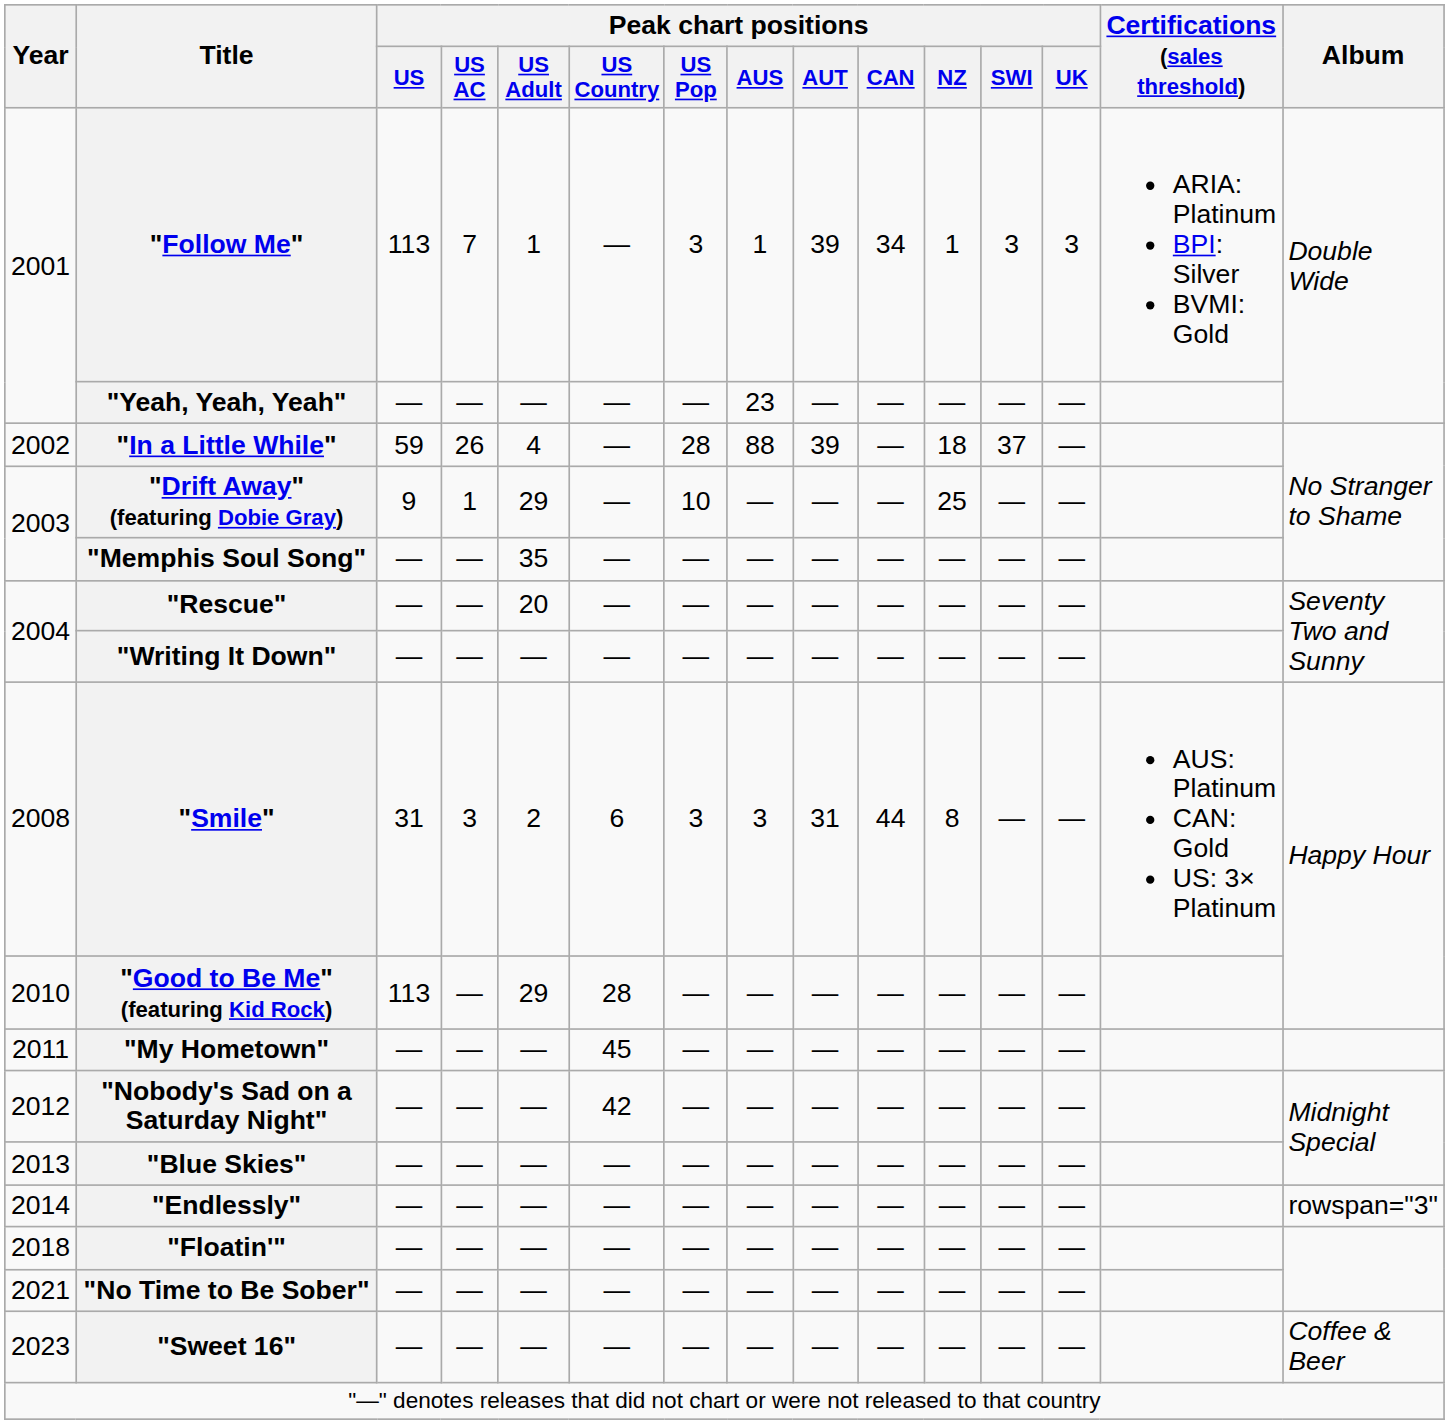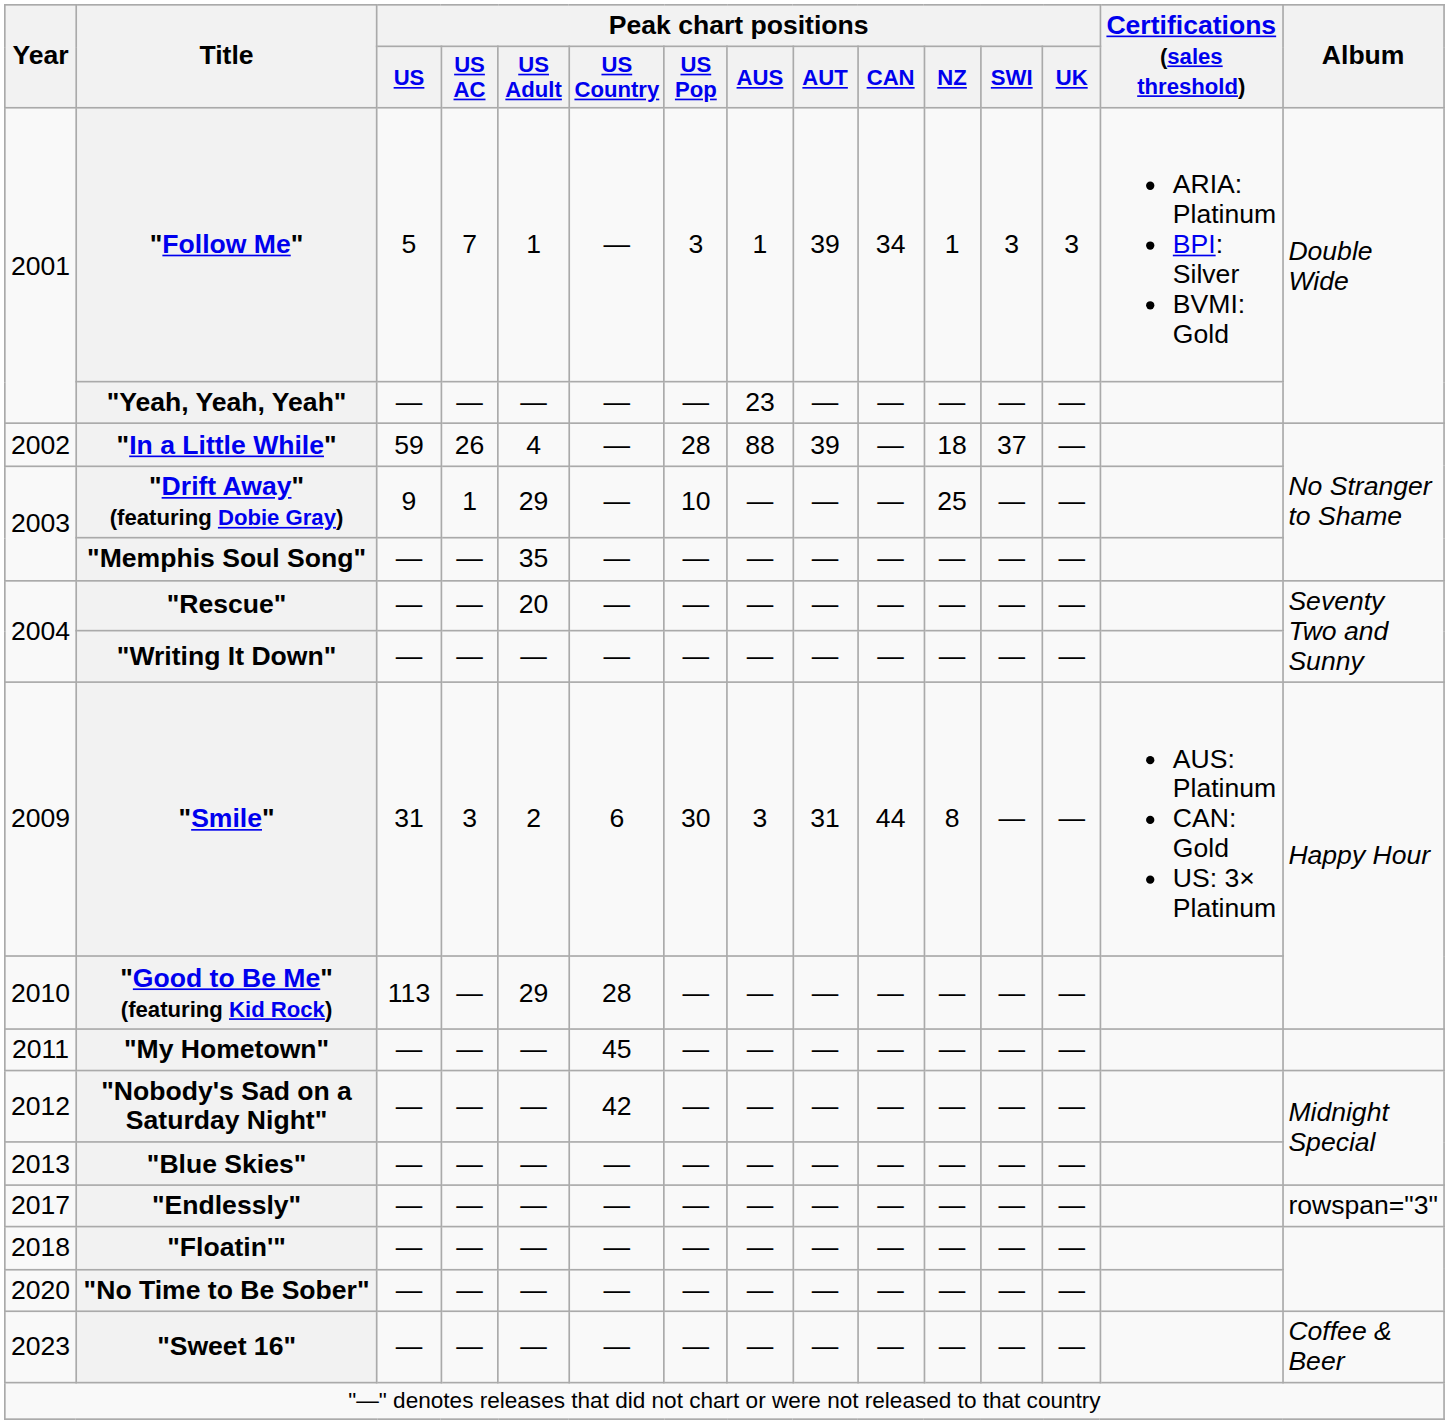 <table class="wikitable plainrowheaders" style="text-align:center;">
 <tr>
 <th rowspan="2">Year</th>
 <th rowspan="2" style="width:18em;">Title</th>
 <th colspan="11">Peak chart positions</th>
 <th rowspan="2"><a href='#'>Certifications</a><br><small>(<a href='#'>sales threshold</a>)</small></th>
 <th rowspan="2">Album</th>
 </tr>
 <tr style="font-size:smaller;">
 <th style="width:40px;"><a href='#'>US</a><br></th>
 <th style="width:40px;"><a href='#'>US AC</a><br></th>
 <th style="width:40px;"><a href='#'>US Adult</a><br></th>
 <th style="width:40px;"><a href='#'>US Country</a><br></th>
 <th style="width:40px;"><a href='#'>US<br>Pop</a><br></th>
 <th style="width:40px;"><a href='#'>AUS</a><br></th>
 <th style="width:40px;"><a href='#'>AUT</a><br></th>
 <th style="width:40px;"><a href='#'>CAN</a><br></th>
 <th style="width:40px;"><a href='#'>NZ</a><br></th>
 <th style="width:40px;"><a href='#'>SWI</a><br></th>
 <th style="width:40px;"><a href='#'>UK</a><br></th>
 </tr>
 <tr>
 <td rowspan="2">2001</td>
 <th scope="row">"<a href='#'>Follow Me</a>"</th>
-<td>113</td>
+<td>5</td>
 <td>7</td>
 <td>1</td>
 <td>—</td>
 <td>3</td>
 <td>1</td>
 <td>39</td>
 <td>34</td>
 <td>1</td>
 <td>3</td>
 <td>3</td>
 <td style="text-align:left;"><br><ul><li>ARIA: Platinum</li><li><a href='#'>BPI</a>: Silver</li><li>BVMI: Gold</li></ul></td>
 <td style="text-align:left;" rowspan="2"><em>Double Wide</em></td>
 </tr>
 <tr>
 <th scope="row">"Yeah, Yeah, Yeah"</th>
 <td>—</td>
 <td>—</td>
 <td>—</td>
 <td>—</td>
 <td>—</td>
 <td>23</td>
 <td>—</td>
 <td>—</td>
 <td>—</td>
 <td>—</td>
 <td>—</td>
 <td></td>
 </tr>
 <tr>
 <td>2002</td>
 <th scope="row">"<a href='#'>In a Little While</a>"</th>
 <td>59</td>
 <td>26</td>
 <td>4</td>
 <td>—</td>
 <td>28</td>
 <td>88</td>
 <td>39</td>
 <td>—</td>
 <td>18</td>
 <td>37</td>
 <td>—</td>
 <td></td>
 <td style="text-align:left;" rowspan="3"><em>No Stranger to Shame</em></td>
 </tr>
 <tr>
 <td rowspan="2">2003</td>
 <th scope="row">"<a href='#'>Drift Away</a>" <br><small>(featuring <a href='#'>Dobie Gray</a>)</small></th>
 <td>9</td>
 <td>1</td>
 <td>29</td>
 <td>—</td>
 <td>10</td>
 <td>—</td>
 <td>—</td>
 <td>—</td>
 <td>25</td>
 <td>—</td>
 <td>—</td>
 <td></td>
 </tr>
 <tr>
 <th scope="row">"Memphis Soul Song"</th>
 <td>—</td>
 <td>—</td>
 <td>35</td>
 <td>—</td>
 <td>—</td>
 <td>—</td>
 <td>—</td>
 <td>—</td>
 <td>—</td>
 <td>—</td>
 <td>—</td>
 <td></td>
 </tr>
 <tr>
 <td rowspan="2">2004</td>
 <th scope="row">"Rescue"</th>
 <td>—</td>
 <td>—</td>
 <td>20</td>
 <td>—</td>
 <td>—</td>
 <td>—</td>
 <td>—</td>
 <td>—</td>
 <td>—</td>
 <td>—</td>
 <td>—</td>
 <td></td>
 <td style="text-align:left;" rowspan="2"><em>Seventy Two and Sunny</em></td>
 </tr>
 <tr>
 <th scope="row">"Writing It Down"</th>
 <td>—</td>
 <td>—</td>
 <td>—</td>
 <td>—</td>
 <td>—</td>
 <td>—</td>
 <td>—</td>
 <td>—</td>
 <td>—</td>
 <td>—</td>
 <td>—</td>
 <td></td>
 </tr>
 <tr>
-<td>2008</td>
+<td>2009</td>
 <th scope="row">"<a href='#'>Smile</a>"</th>
 <td>31</td>
 <td>3</td>
 <td>2</td>
 <td>6</td>
-<td>3</td>
+<td>30</td>
 <td>3</td>
 <td>31</td>
 <td>44</td>
 <td>8</td>
 <td>—</td>
 <td>—</td>
 <td style="text-align:left;"><br><ul><li>AUS: Platinum</li><li>CAN: Gold</li><li>US: 3× Platinum</li></ul></td>
 <td style="text-align:left;" rowspan="2"><em>Happy Hour</em></td>
 </tr>
 <tr>
 <td>2010</td>
 <th scope="row">"<a href='#'>Good to Be Me</a>" <small>(featuring <a href='#'>Kid Rock</a>)</small></th>
 <td>113</td>
 <td>—</td>
 <td>29</td>
 <td>28</td>
 <td>—</td>
 <td>—</td>
 <td>—</td>
 <td>—</td>
 <td>—</td>
 <td>—</td>
 <td>—</td>
 <td></td>
 </tr>
 <tr>
 <td>2011</td>
 <th scope="row">"My Hometown"</th>
 <td>—</td>
 <td>—</td>
 <td>—</td>
 <td>45</td>
 <td>—</td>
 <td>—</td>
 <td>—</td>
 <td>—</td>
 <td>—</td>
 <td>—</td>
 <td>—</td>
 <td></td>
 <td></td>
 </tr>
 <tr>
 <td>2012</td>
 <th scope="row">"Nobody's Sad on a Saturday Night"</th>
 <td>—</td>
 <td>—</td>
 <td>—</td>
 <td>42</td>
 <td>—</td>
 <td>—</td>
 <td>—</td>
 <td>—</td>
 <td>—</td>
 <td>—</td>
 <td>—</td>
 <td></td>
 <td style="text-align:left;" rowspan="2"><em>Midnight Special</em></td>
 </tr>
 <tr>
 <td>2013</td>
 <th scope="row">"Blue Skies"</th>
 <td>—</td>
 <td>—</td>
 <td>—</td>
 <td>—</td>
 <td>—</td>
 <td>—</td>
 <td>—</td>
 <td>—</td>
 <td>—</td>
 <td>—</td>
 <td>—</td>
 <td></td>
 </tr>
 <tr>
-<td>2014</td>
+<td>2017</td>
 <th scope="row">"Endlessly"</th>
 <td>—</td>
 <td>—</td>
 <td>—</td>
 <td>—</td>
 <td>—</td>
 <td>—</td>
 <td>—</td>
 <td>—</td>
 <td>—</td>
 <td>—</td>
 <td>—</td>
 <td></td>
 <td>rowspan="3" </td>
 </tr>
 <tr>
 <td>2018</td>
 <th scope="row">"Floatin'"</th>
 <td>—</td>
 <td>—</td>
 <td>—</td>
 <td>—</td>
 <td>—</td>
 <td>—</td>
 <td>—</td>
 <td>—</td>
 <td>—</td>
 <td>—</td>
 <td>—</td>
 <td></td>
 </tr>
 <tr>
-<td>2021</td>
+<td>2020</td>
 <th scope="row">"No Time to Be Sober"</th>
 <td>—</td>
 <td>—</td>
 <td>—</td>
 <td>—</td>
 <td>—</td>
 <td>—</td>
 <td>—</td>
 <td>—</td>
 <td>—</td>
 <td>—</td>
 <td>—</td>
 <td></td>
 </tr>
 <tr>
 <td>2023</td>
 <th scope="row">"Sweet 16"</th>
 <td>—</td>
 <td>—</td>
 <td>—</td>
 <td>—</td>
 <td>—</td>
 <td>—</td>
 <td>—</td>
 <td>—</td>
 <td>—</td>
 <td>—</td>
 <td>—</td>
 <td></td>
 <td style="text-align:left;"><em>Coffee & Beer</em></td>
 </tr>
 <tr>
 <td colspan="20" style="font-size:85%">"—" denotes releases that did not chart or were not released to that country</td>
 </tr>
 </table>
